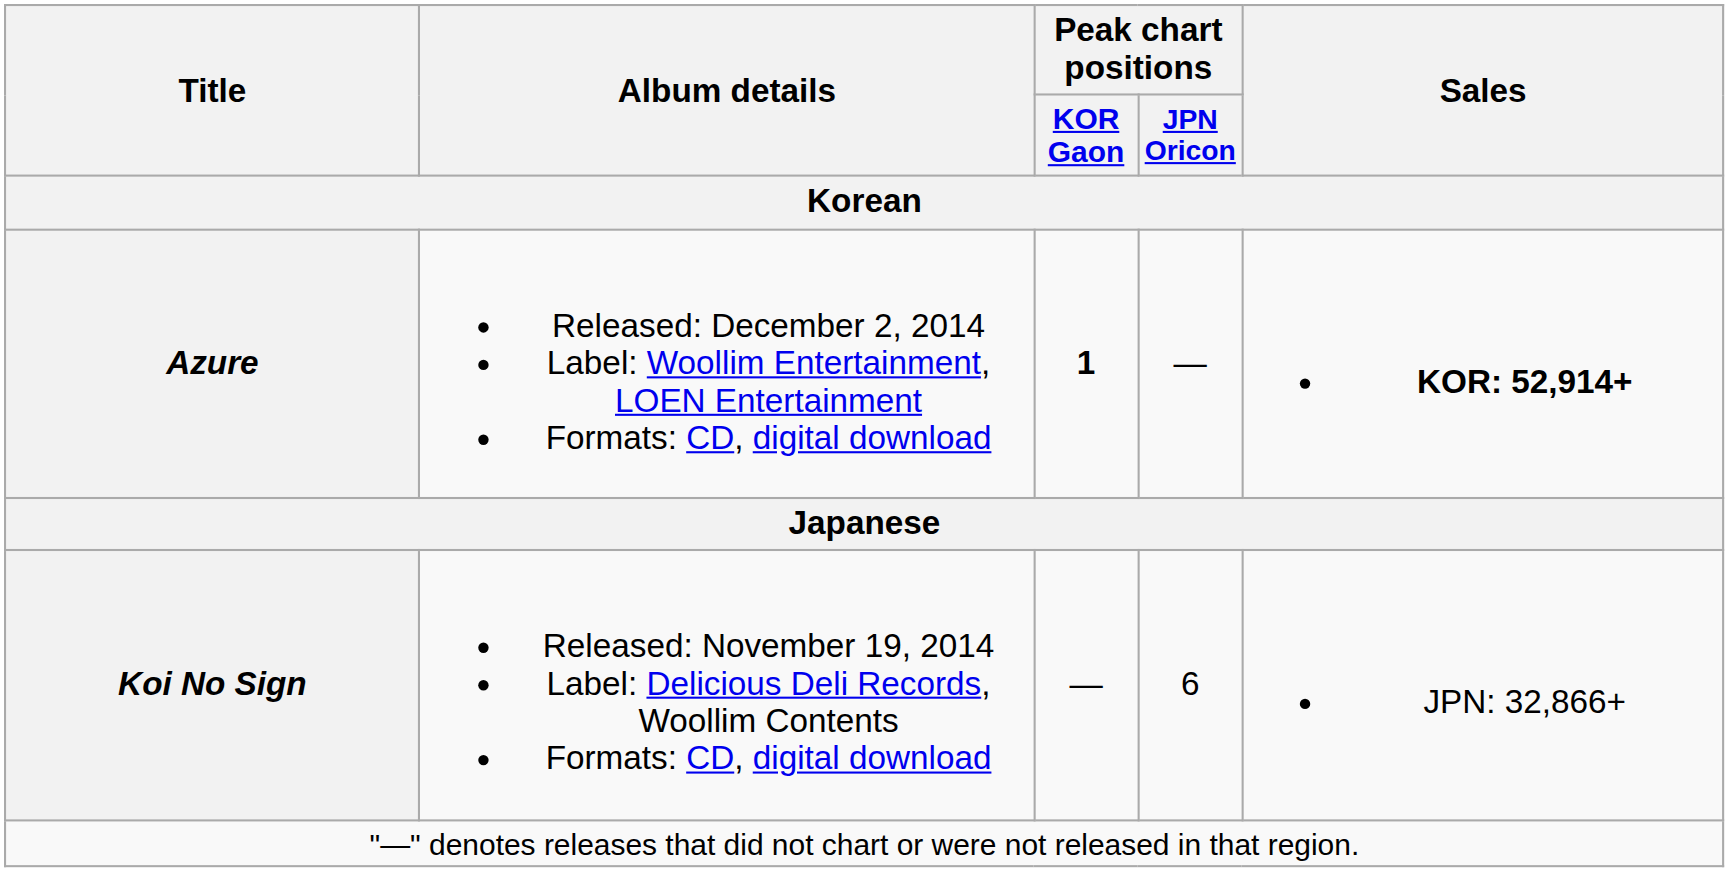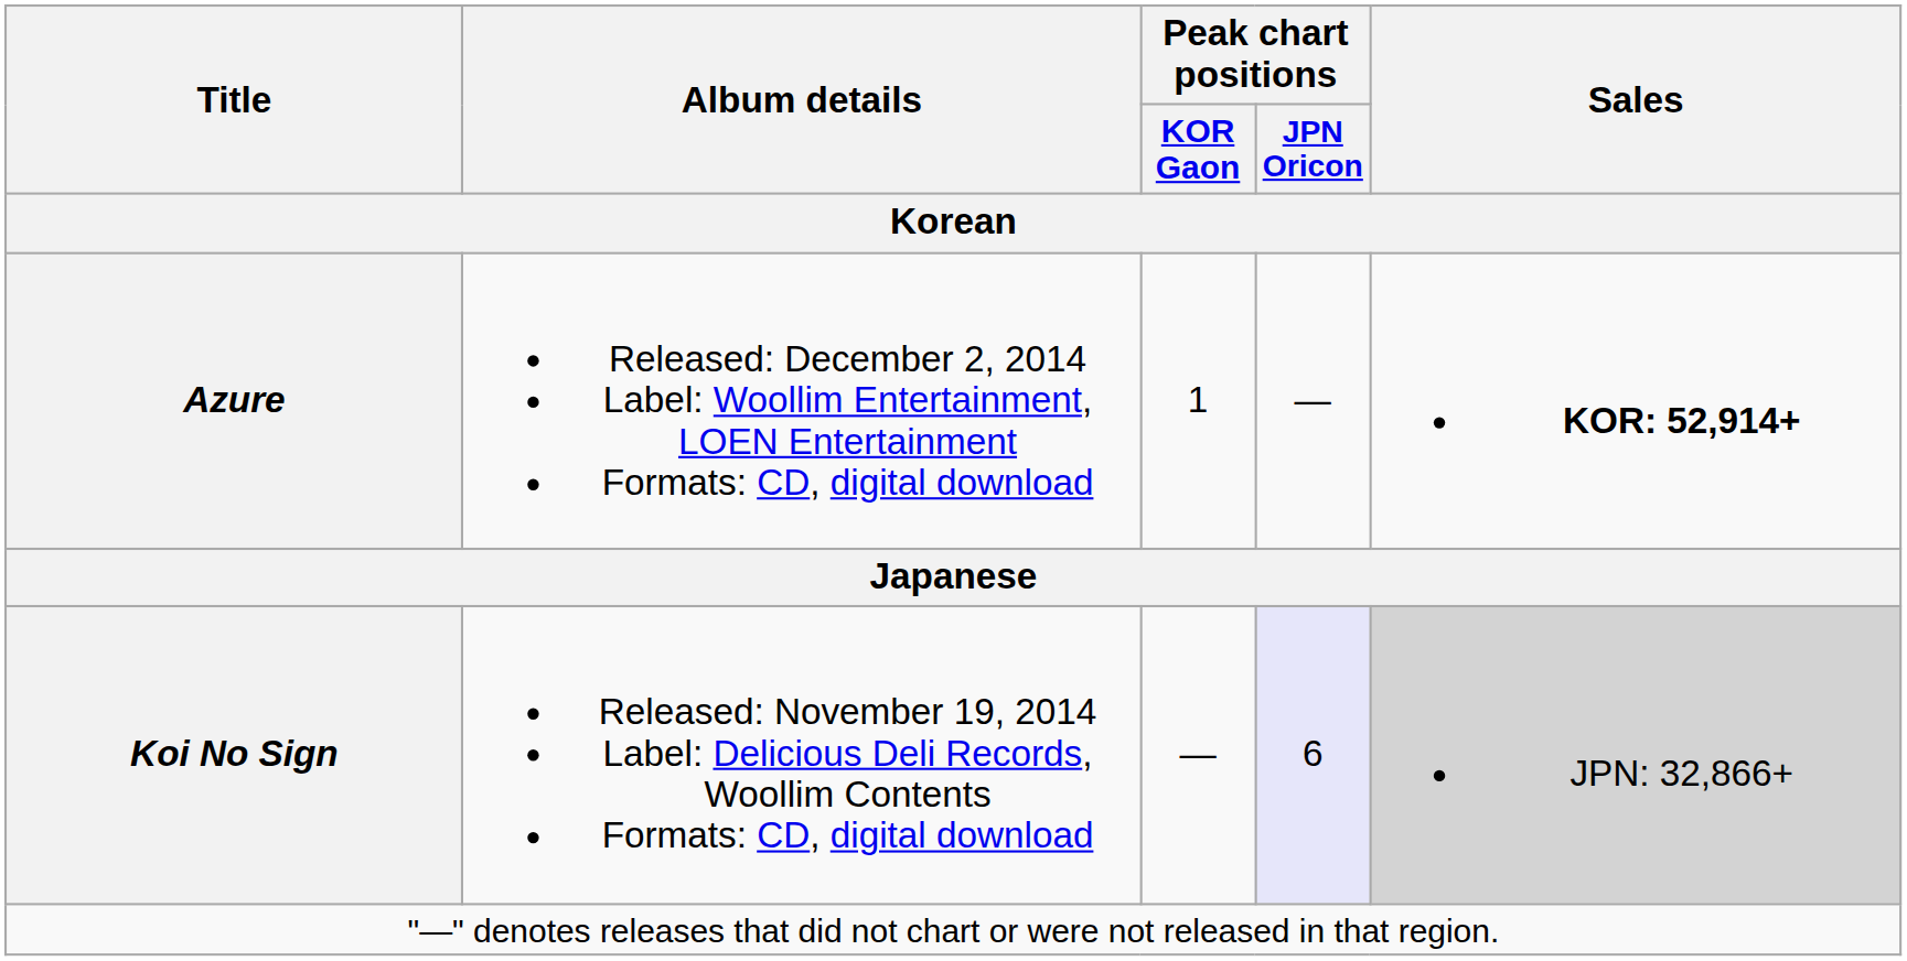 <table class="wikitable plainrowheaders" style="text-align:center;">
 <tr>
 <th rowspan="2" style="width:12em;">Title</th>
 <th rowspan="2" style="width:18em;">Album details</th>
 <th colspan="2">Peak chart positions</th>
 <th rowspan="2" style="width:14em;">Sales</th>
 </tr>
 <tr>
 <th scope="col" style="width:3em;font-size:90%;"><a href='#'>KOR<br>Gaon</a></th>
 <th style="width:3em;font-size:85%"><a href='#'>JPN<br>Oricon</a></th>
 </tr>
 <tr>
 <th colspan="5">Korean</th>
 </tr>
 <tr>
 <th scope="row"><em>Azure</em></th>
 <td><br><ul><li>Released: December 2, 2014</li><li>Label: <a href='#'>Woollim Entertainment</a>, <a href='#'>LOEN Entertainment</a></li><li>Formats: <a href='#'>CD</a>, <a href='#'>digital download</a></li></ul></td>
-<td><strong>1</strong></td>
+<td>1</td>
 <td>—</td>
 <td><strong><br><ul><li>KOR: 52,914+</li></ul></strong></td>
 </tr>
 <tr>
 <th colspan="5">Japanese</th>
 </tr>
 <tr>
 <th scope="row"><em>Koi No Sign</em></th>
 <td><br><ul><li>Released: November 19, 2014</li><li>Label: <a href='#'>Delicious Deli Records</a>, Woollim Contents</li><li>Formats: <a href='#'>CD</a>, <a href='#'>digital download</a></li></ul></td>
 <td>—</td>
-<td>6</td>
-<td><br><ul><li>JPN: 32,866+</li></ul></td>
+<td style="background: lavender;">6</td>
+<td style="background: lightgrey;"><br><ul><li>JPN: 32,866+</li></ul></td>
 </tr>
 <tr>
 <td colspan="6" style="font-size:90%">"—" denotes releases that did not chart or were not released in that region.</td>
 </tr>
 </table>
